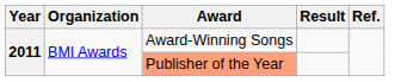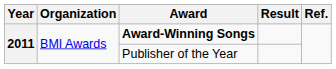 <table class="wikitable">
 <tr>
 <th>Year</th>
 <th>Organization</th>
 <th>Award</th>
 <th>Result</th>
 <th>Ref.</th>
 </tr>
 <tr>
 <th scope="row" rowspan="2">2011</th>
 <td rowspan="2"><a href='#'>BMI Awards</a></td>
-<td>Award-Winning Songs</td>
+<td><strong>Award-Winning Songs</strong></td>
 <td></td>
 <td rowspan="2" style="text-align:center;"></td>
 </tr>
 <tr>
-<td style="background: lightsalmon;">Publisher of the Year</td>
+<td>Publisher of the Year</td>
 <td></td>
 </tr>
 </table>
